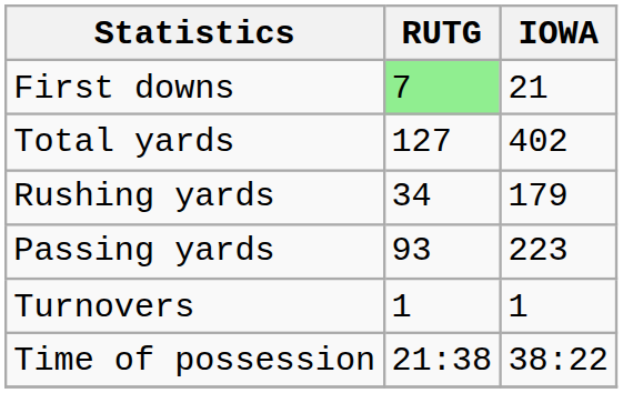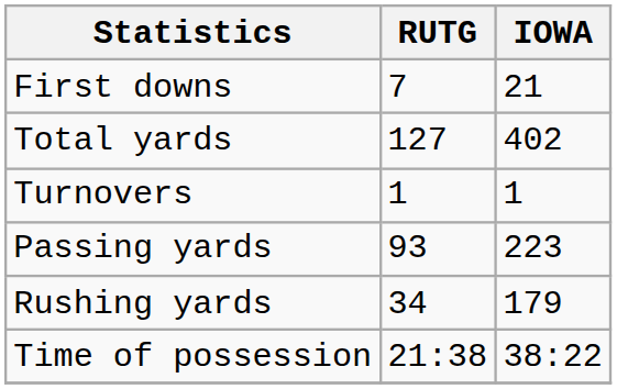 <table class="wikitable">
 <tr>
 <th>Statistics</th>
 <th>RUTG</th>
 <th>IOWA</th>
 </tr>
 <tr>
 <td>First downs</td>
-<td style="background: lightgreen;">7</td>
+<td>7</td>
 <td>21</td>
 </tr>
 <tr>
 <td>Total yards</td>
 <td>127</td>
 <td>402</td>
 </tr>
 <tr>
-<td>Rushing yards</td>
-<td>34</td>
-<td>179</td>
+<td>Turnovers</td>
+<td>1</td>
+<td>1</td>
 </tr>
 <tr>
 <td>Passing yards</td>
 <td>93</td>
 <td>223</td>
 </tr>
 <tr>
-<td>Turnovers</td>
-<td>1</td>
-<td>1</td>
+<td>Rushing yards</td>
+<td>34</td>
+<td>179</td>
 </tr>
 <tr>
 <td>Time of possession</td>
 <td>21:38</td>
 <td>38:22</td>
 </tr>
 <tr>
 </tr>
 </table>
